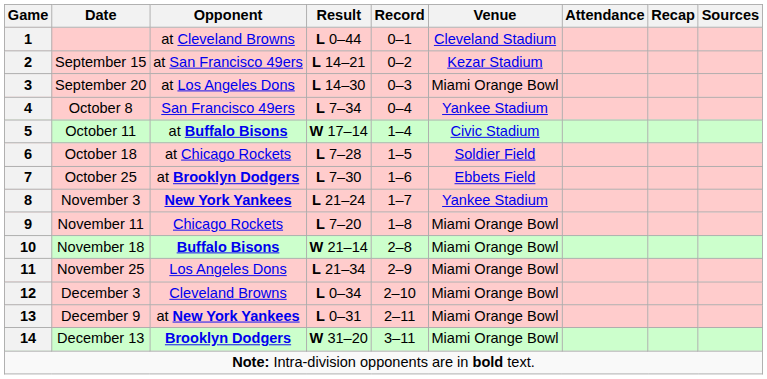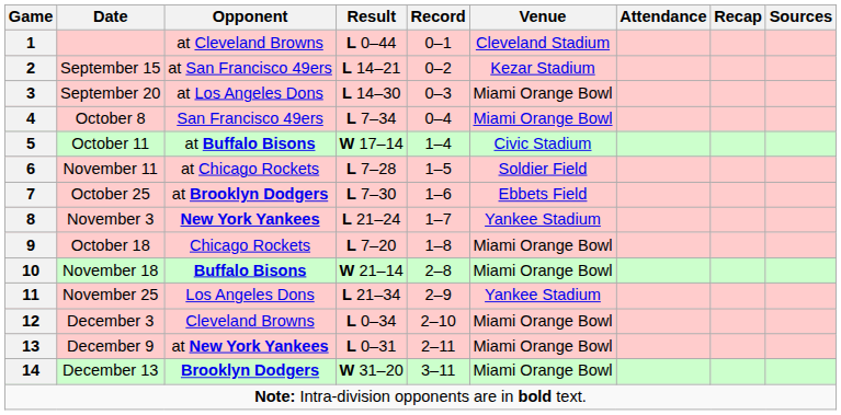 <table class="wikitable" style="text-align:center">
 <tr>
 <th>Game </th>
 <th>Date</th>
 <th>Opponent</th>
 <th>Result</th>
 <th>Record</th>
 <th>Venue</th>
 <th>Attendance</th>
 <th>Recap</th>
 <th>Sources</th>
 </tr>
 <tr style="background:#fcc">
 <th>1</th>
 <td></td>
 <td>at <a href='#'>Cleveland Browns</a></td>
 <td><strong>L</strong> 0–44</td>
 <td>0–1</td>
 <td><a href='#'>Cleveland Stadium</a></td>
 <td></td>
 <td></td>
 <td></td>
 </tr>
 <tr style="background:#fcc">
 <th>2</th>
 <td>September 15</td>
 <td>at <a href='#'>San Francisco 49ers</a></td>
 <td><strong>L</strong> 14–21</td>
 <td>0–2</td>
 <td><a href='#'>Kezar Stadium</a></td>
 <td></td>
 <td></td>
 <td></td>
 </tr>
 <tr style="background:#fcc">
 <th>3</th>
 <td>September 20</td>
 <td>at <a href='#'>Los Angeles Dons</a></td>
 <td><strong>L</strong> 14–30</td>
 <td>0–3</td>
 <td>Miami Orange Bowl</td>
 <td></td>
 <td></td>
 <td></td>
 </tr>
 <tr style="background:#fcc">
 <th>4</th>
 <td>October 8</td>
 <td><a href='#'>San Francisco 49ers</a></td>
 <td><strong>L</strong> 7–34</td>
 <td>0–4</td>
-<td><a href='#'>Yankee Stadium</a></td>
+<td><a href='#'>Miami Orange Bowl</a></td>
 <td></td>
 <td></td>
 <td></td>
 </tr>
 <tr style="background:#cfc">
 <th>5</th>
 <td>October 11</td>
 <td>at <strong><a href='#'>Buffalo Bisons</a></strong></td>
 <td><strong>W</strong> 17–14</td>
 <td>1–4</td>
 <td><a href='#'>Civic Stadium</a></td>
 <td></td>
 <td></td>
 <td></td>
 </tr>
 <tr style="background:#fcc">
 <th>6</th>
-<td>October 18</td>
+<td>November 11</td>
 <td>at <a href='#'>Chicago Rockets</a></td>
 <td><strong>L</strong> 7–28</td>
 <td>1–5</td>
 <td><a href='#'>Soldier Field</a></td>
 <td></td>
 <td></td>
 <td></td>
 </tr>
 <tr style="background:#fcc">
 <th>7</th>
 <td>October 25</td>
 <td>at <strong><a href='#'>Brooklyn Dodgers</a></strong></td>
 <td><strong>L</strong> 7–30</td>
 <td>1–6</td>
 <td><a href='#'>Ebbets Field</a></td>
 <td></td>
 <td></td>
 <td></td>
 </tr>
 <tr style="background:#fcc">
 <th>8</th>
 <td>November 3</td>
 <td><strong><a href='#'>New York Yankees</a></strong></td>
 <td><strong>L</strong> 21–24</td>
 <td>1–7</td>
 <td><a href='#'>Yankee Stadium</a></td>
 <td></td>
 <td></td>
 <td></td>
 </tr>
 <tr style="background:#fcc">
 <th>9</th>
-<td>November 11</td>
+<td>October 18</td>
 <td><a href='#'>Chicago Rockets</a></td>
 <td><strong>L</strong> 7–20</td>
 <td>1–8</td>
 <td>Miami Orange Bowl</td>
 <td></td>
 <td></td>
 <td></td>
 </tr>
 <tr style="background:#cfc">
 <th>10</th>
 <td>November 18</td>
 <td><strong><a href='#'>Buffalo Bisons</a></strong></td>
 <td><strong>W</strong> 21–14</td>
 <td>2–8</td>
 <td>Miami Orange Bowl</td>
 <td></td>
 <td></td>
 <td></td>
 </tr>
 <tr style="background:#fcc">
 <th>11</th>
 <td>November 25</td>
 <td><a href='#'>Los Angeles Dons</a></td>
 <td><strong>L</strong> 21–34</td>
 <td>2–9</td>
-<td>Miami Orange Bowl</td>
+<td><a href='#'>Yankee Stadium</a></td>
 <td></td>
 <td></td>
 <td></td>
 </tr>
 <tr style="background:#fcc">
 <th>12</th>
 <td>December 3</td>
 <td><a href='#'>Cleveland Browns</a></td>
 <td><strong>L</strong> 0–34</td>
 <td>2–10</td>
 <td>Miami Orange Bowl</td>
 <td></td>
 <td></td>
 <td></td>
 </tr>
 <tr style="background:#fcc">
 <th>13</th>
 <td>December 9</td>
 <td>at <strong><a href='#'>New York Yankees</a></strong></td>
 <td><strong>L</strong> 0–31</td>
 <td>2–11</td>
 <td>Miami Orange Bowl</td>
 <td></td>
 <td></td>
 <td></td>
 </tr>
 <tr style="background:#cfc">
 <th>14</th>
 <td>December 13</td>
 <td><strong><a href='#'>Brooklyn Dodgers</a></strong></td>
 <td><strong>W</strong> 31–20</td>
 <td>3–11</td>
 <td>Miami Orange Bowl</td>
 <td></td>
 <td></td>
 <td></td>
 </tr>
 <tr>
 <td colspan="10"><strong>Note:</strong> Intra-division opponents are in <strong>bold</strong> text.</td>
 </tr>
 </table>
